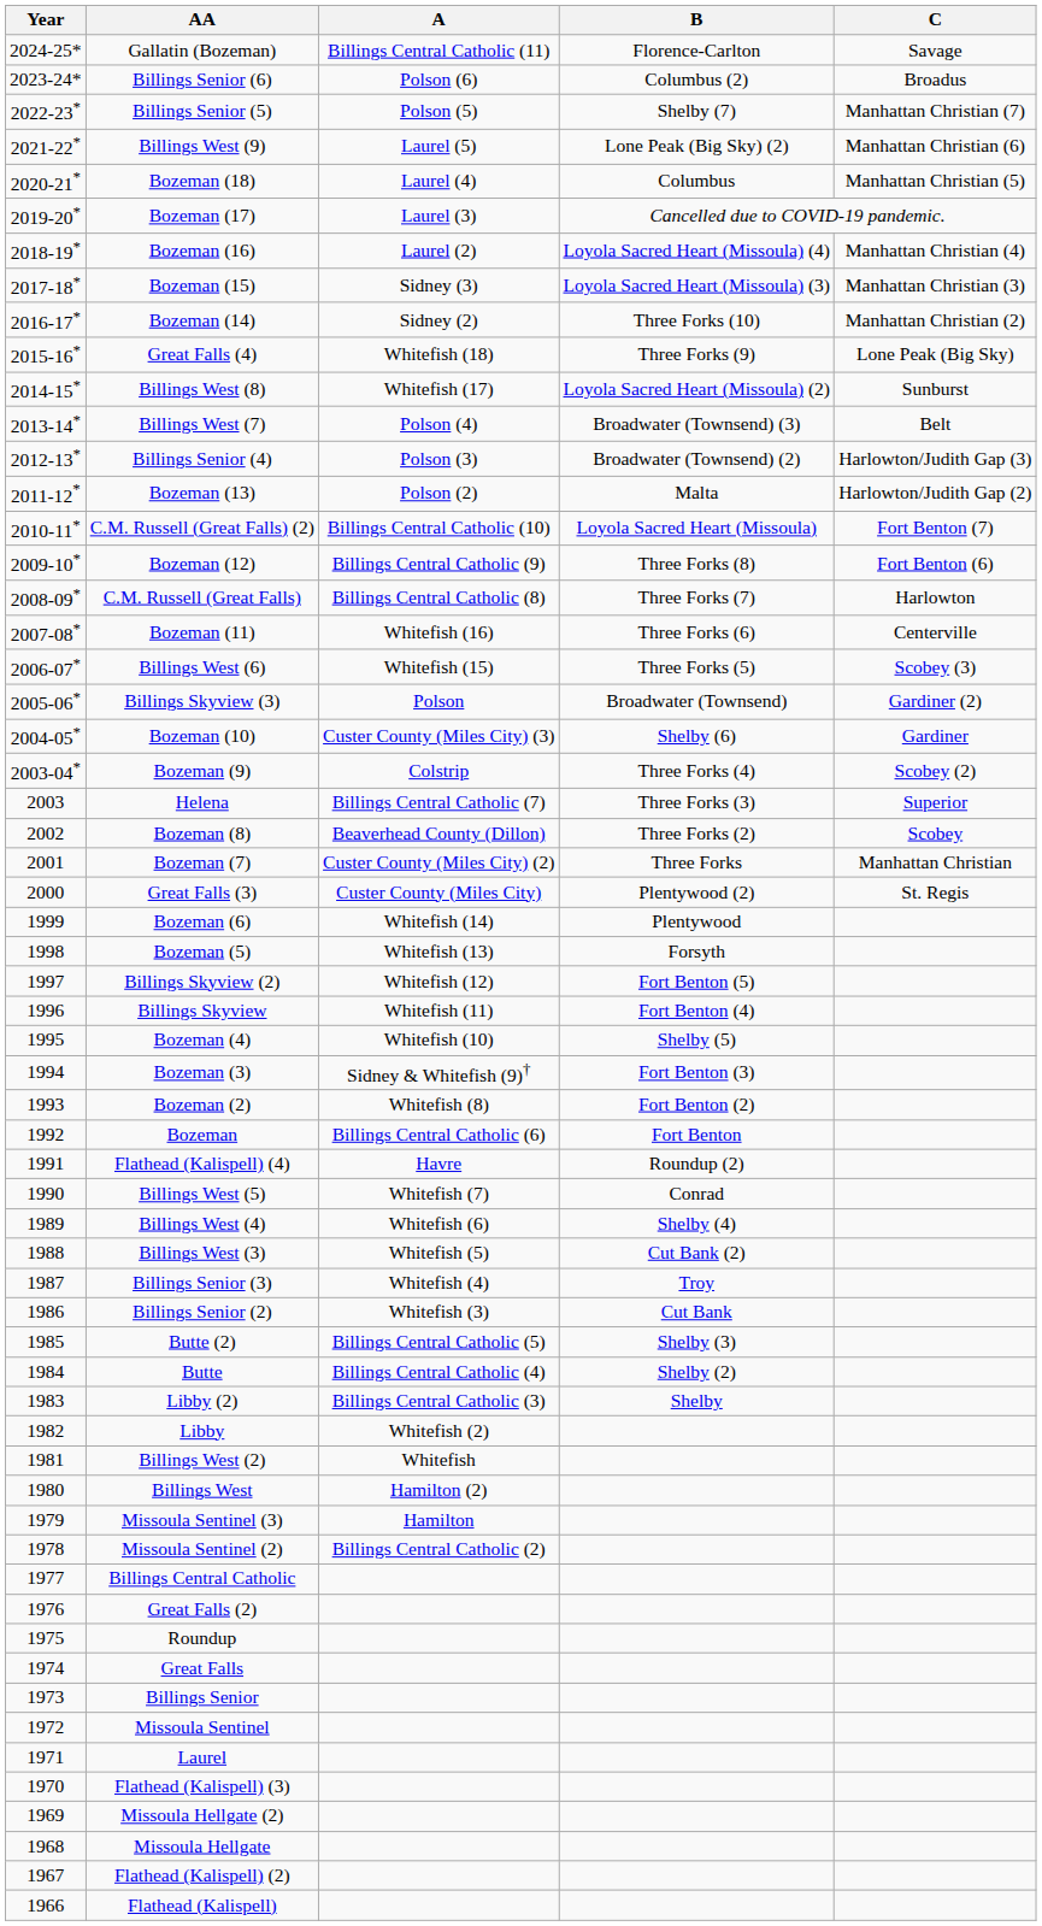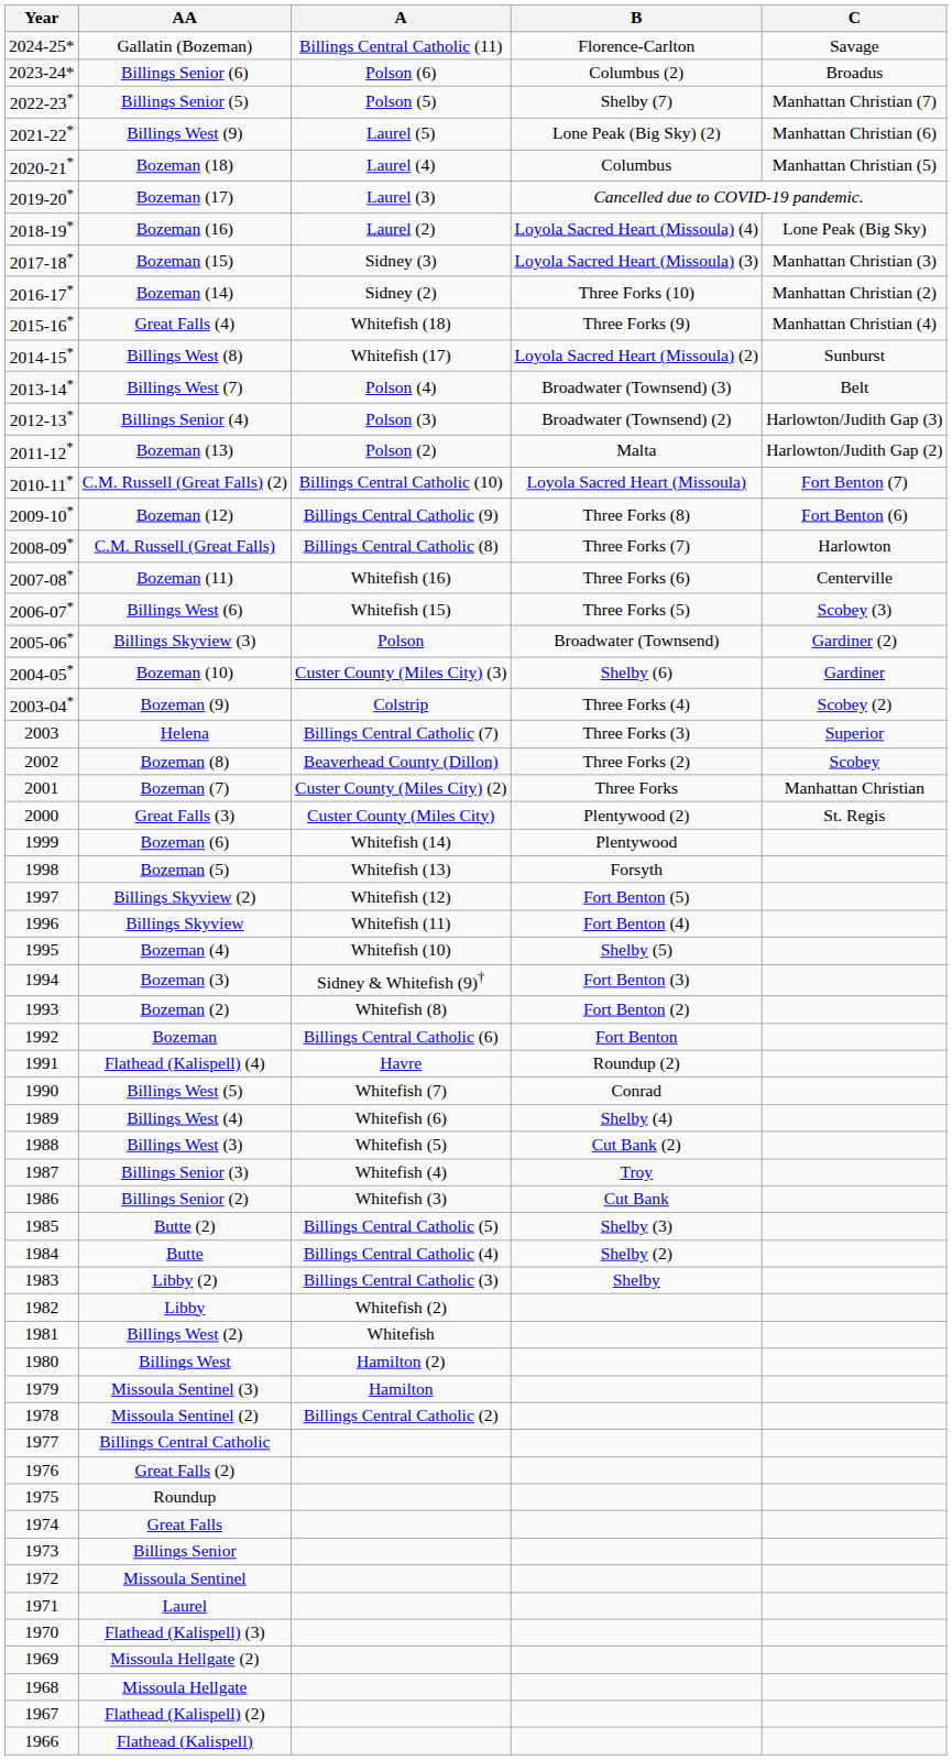 <table class="wikitable" style="text-align:center">
 <tr>
 <th>Year</th>
 <th>AA</th>
 <th>A</th>
 <th>B</th>
 <th>C</th>
 </tr>
 <tr>
 <td>2024-25*</td>
 <td>Gallatin (Bozeman)</td>
 <td><a href='#'>Billings Central Catholic</a> (11)</td>
 <td>Florence-Carlton</td>
 <td>Savage</td>
 </tr>
 <tr>
 <td>2023-24*</td>
 <td><a href='#'>Billings Senior</a> (6)</td>
 <td><a href='#'>Polson</a> (6)</td>
 <td>Columbus (2)</td>
 <td>Broadus</td>
 </tr>
 <tr>
 <td>2022-23<sup>*</sup></td>
 <td><a href='#'>Billings Senior</a> (5)</td>
 <td><a href='#'>Polson</a> (5)</td>
 <td>Shelby (7)</td>
 <td>Manhattan Christian (7)</td>
 </tr>
 <tr>
 <td>2021-22<sup>*</sup></td>
 <td><a href='#'>Billings West</a> (9)</td>
 <td><a href='#'>Laurel</a> (5)</td>
 <td>Lone Peak (Big Sky) (2)</td>
 <td>Manhattan Christian (6)</td>
 </tr>
 <tr>
 <td>2020-21<sup>*</sup></td>
 <td><a href='#'>Bozeman</a> (18)</td>
 <td><a href='#'>Laurel</a> (4)</td>
 <td>Columbus</td>
 <td>Manhattan Christian (5)</td>
 </tr>
 <tr>
 <td>2019-20<sup>*</sup></td>
 <td><a href='#'>Bozeman</a> (17)</td>
 <td><a href='#'>Laurel</a> (3)</td>
 <td colspan="2"><em>Cancelled due to COVID-19 pandemic.</em></td>
 </tr>
 <tr>
 <td>2018-19<sup>*</sup></td>
 <td><a href='#'>Bozeman</a> (16)</td>
 <td><a href='#'>Laurel</a> (2)</td>
 <td><a href='#'>Loyola Sacred Heart (Missoula)</a> (4)</td>
-<td>Manhattan Christian (4)</td>
+<td>Lone Peak (Big Sky)</td>
 </tr>
 <tr>
 <td>2017-18<sup>*</sup></td>
 <td><a href='#'>Bozeman</a> (15)</td>
 <td>Sidney (3)</td>
 <td><a href='#'>Loyola Sacred Heart (Missoula)</a> (3)</td>
 <td>Manhattan Christian (3)</td>
 </tr>
 <tr>
 <td>2016-17<sup>*</sup></td>
 <td><a href='#'>Bozeman</a> (14)</td>
 <td>Sidney (2)</td>
 <td>Three Forks (10)</td>
 <td>Manhattan Christian (2)</td>
 </tr>
 <tr>
 <td>2015-16<sup>*</sup></td>
 <td><a href='#'>Great Falls</a> (4)</td>
 <td>Whitefish (18)</td>
 <td>Three Forks (9)</td>
-<td>Lone Peak (Big Sky)</td>
+<td>Manhattan Christian (4)</td>
 </tr>
 <tr>
 <td>2014-15<sup>*</sup></td>
 <td><a href='#'>Billings West</a> (8)</td>
 <td>Whitefish (17)</td>
 <td><a href='#'>Loyola Sacred Heart (Missoula)</a> (2)</td>
 <td>Sunburst</td>
 </tr>
 <tr>
 <td>2013-14<sup>*</sup></td>
 <td><a href='#'>Billings West</a> (7)</td>
 <td><a href='#'>Polson</a> (4)</td>
 <td>Broadwater (Townsend) (3)</td>
 <td>Belt</td>
 </tr>
 <tr>
 <td>2012-13<sup>*</sup></td>
 <td><a href='#'>Billings Senior</a> (4)</td>
 <td><a href='#'>Polson</a> (3)</td>
 <td>Broadwater (Townsend) (2)</td>
 <td>Harlowton/Judith Gap (3)</td>
 </tr>
 <tr>
 <td>2011-12<sup>*</sup></td>
 <td><a href='#'>Bozeman</a> (13)</td>
 <td><a href='#'>Polson</a> (2)</td>
 <td>Malta</td>
 <td>Harlowton/Judith Gap (2)</td>
 </tr>
 <tr>
 <td>2010-11<sup>*</sup></td>
 <td><a href='#'>C.M. Russell (Great Falls)</a> (2)</td>
 <td><a href='#'>Billings Central Catholic</a> (10)</td>
 <td><a href='#'>Loyola Sacred Heart (Missoula)</a></td>
 <td><a href='#'>Fort Benton</a> (7)</td>
 </tr>
 <tr>
 <td>2009-10<sup>*</sup></td>
 <td><a href='#'>Bozeman</a> (12)</td>
 <td><a href='#'>Billings Central Catholic</a> (9)</td>
 <td>Three Forks (8)</td>
 <td><a href='#'>Fort Benton</a> (6)</td>
 </tr>
 <tr>
 <td>2008-09<sup>*</sup></td>
 <td><a href='#'>C.M. Russell (Great Falls)</a></td>
 <td><a href='#'>Billings Central Catholic</a> (8)</td>
 <td>Three Forks (7)</td>
 <td>Harlowton</td>
 </tr>
 <tr>
 <td>2007-08<sup>*</sup></td>
 <td><a href='#'>Bozeman</a> (11)</td>
 <td>Whitefish (16)</td>
 <td>Three Forks (6)</td>
 <td>Centerville</td>
 </tr>
 <tr>
 <td>2006-07<sup>*</sup></td>
 <td><a href='#'>Billings West</a> (6)</td>
 <td>Whitefish (15)</td>
 <td>Three Forks (5)</td>
 <td><a href='#'>Scobey</a> (3)</td>
 </tr>
 <tr>
 <td>2005-06<sup>*</sup></td>
 <td><a href='#'>Billings Skyview</a> (3)</td>
 <td><a href='#'>Polson</a></td>
 <td>Broadwater (Townsend)</td>
 <td><a href='#'>Gardiner</a> (2)</td>
 </tr>
 <tr>
 <td>2004-05<sup>*</sup></td>
 <td><a href='#'>Bozeman</a> (10)</td>
 <td><a href='#'>Custer County (Miles City)</a> (3)</td>
 <td><a href='#'>Shelby</a> (6)</td>
 <td><a href='#'>Gardiner</a></td>
 </tr>
 <tr>
 <td>2003-04<sup>*</sup></td>
 <td><a href='#'>Bozeman</a> (9)</td>
 <td><a href='#'>Colstrip</a></td>
 <td>Three Forks (4)</td>
 <td><a href='#'>Scobey</a> (2)</td>
 </tr>
 <tr>
 <td>2003</td>
 <td><a href='#'>Helena</a></td>
 <td><a href='#'>Billings Central Catholic</a> (7)</td>
 <td>Three Forks (3)</td>
 <td><a href='#'>Superior</a></td>
 </tr>
 <tr>
 <td>2002</td>
 <td><a href='#'>Bozeman</a> (8)</td>
 <td><a href='#'>Beaverhead County (Dillon)</a></td>
 <td>Three Forks (2)</td>
 <td><a href='#'>Scobey</a></td>
 </tr>
 <tr>
 <td>2001</td>
 <td><a href='#'>Bozeman</a> (7)</td>
 <td><a href='#'>Custer County (Miles City)</a> (2)</td>
 <td>Three Forks</td>
 <td>Manhattan Christian</td>
 </tr>
 <tr>
 <td>2000</td>
 <td><a href='#'>Great Falls</a> (3)</td>
 <td><a href='#'>Custer County (Miles City)</a></td>
 <td>Plentywood (2)</td>
 <td>St. Regis</td>
 </tr>
 <tr>
 <td>1999</td>
 <td><a href='#'>Bozeman</a> (6)</td>
 <td>Whitefish (14)</td>
 <td>Plentywood</td>
 <td></td>
 </tr>
 <tr>
 <td>1998</td>
 <td><a href='#'>Bozeman</a> (5)</td>
 <td>Whitefish (13)</td>
 <td>Forsyth</td>
 <td></td>
 </tr>
 <tr>
 <td>1997</td>
 <td><a href='#'>Billings Skyview</a> (2)</td>
 <td>Whitefish (12)</td>
 <td><a href='#'>Fort Benton</a> (5)</td>
 <td></td>
 </tr>
 <tr>
 <td>1996</td>
 <td><a href='#'>Billings Skyview</a></td>
 <td>Whitefish (11)</td>
 <td><a href='#'>Fort Benton</a> (4)</td>
 <td></td>
 </tr>
 <tr>
 <td>1995</td>
 <td><a href='#'>Bozeman</a> (4)</td>
 <td>Whitefish (10)</td>
 <td><a href='#'>Shelby</a> (5)</td>
 <td></td>
 </tr>
 <tr>
 <td>1994</td>
 <td><a href='#'>Bozeman</a> (3)</td>
 <td>Sidney & Whitefish (9)<sup>†</sup></td>
 <td><a href='#'>Fort Benton</a> (3)</td>
 <td></td>
 </tr>
 <tr>
 <td>1993</td>
 <td><a href='#'>Bozeman</a> (2)</td>
 <td>Whitefish (8)</td>
 <td><a href='#'>Fort Benton</a> (2)</td>
 <td></td>
 </tr>
 <tr>
 <td>1992</td>
 <td><a href='#'>Bozeman</a></td>
 <td><a href='#'>Billings Central Catholic</a> (6)</td>
 <td><a href='#'>Fort Benton</a></td>
 <td></td>
 </tr>
 <tr>
 <td>1991</td>
 <td><a href='#'>Flathead (Kalispell)</a> (4)</td>
 <td><a href='#'>Havre</a></td>
 <td>Roundup (2)</td>
 <td></td>
 </tr>
 <tr>
 <td>1990</td>
 <td><a href='#'>Billings West</a> (5)</td>
 <td>Whitefish (7)</td>
 <td>Conrad</td>
 <td></td>
 </tr>
 <tr>
 <td>1989</td>
 <td><a href='#'>Billings West</a> (4)</td>
 <td>Whitefish (6)</td>
 <td><a href='#'>Shelby</a> (4)</td>
 <td></td>
 </tr>
 <tr>
 <td>1988</td>
 <td><a href='#'>Billings West</a> (3)</td>
 <td>Whitefish (5)</td>
 <td><a href='#'>Cut Bank</a> (2)</td>
 <td></td>
 </tr>
 <tr>
 <td>1987</td>
 <td><a href='#'>Billings Senior</a> (3)</td>
 <td>Whitefish (4)</td>
 <td><a href='#'>Troy</a></td>
 <td></td>
 </tr>
 <tr>
 <td>1986</td>
 <td><a href='#'>Billings Senior</a> (2)</td>
 <td>Whitefish (3)</td>
 <td><a href='#'>Cut Bank</a></td>
 <td></td>
 </tr>
 <tr>
 <td>1985</td>
 <td><a href='#'>Butte</a> (2)</td>
 <td><a href='#'>Billings Central Catholic</a> (5)</td>
 <td><a href='#'>Shelby</a> (3)</td>
 <td></td>
 </tr>
 <tr>
 <td>1984</td>
 <td><a href='#'>Butte</a></td>
 <td><a href='#'>Billings Central Catholic</a> (4)</td>
 <td><a href='#'>Shelby</a> (2)</td>
 <td></td>
 </tr>
 <tr>
 <td>1983</td>
 <td><a href='#'>Libby</a> (2)</td>
 <td><a href='#'>Billings Central Catholic</a> (3)</td>
 <td><a href='#'>Shelby</a></td>
 <td></td>
 </tr>
 <tr>
 <td>1982</td>
 <td><a href='#'>Libby</a></td>
 <td>Whitefish (2)</td>
 <td></td>
 <td></td>
 </tr>
 <tr>
 <td>1981</td>
 <td><a href='#'>Billings West</a> (2)</td>
 <td>Whitefish</td>
 <td></td>
 <td></td>
 </tr>
 <tr>
 <td>1980</td>
 <td><a href='#'>Billings West</a></td>
 <td><a href='#'>Hamilton</a> (2)</td>
 <td></td>
 <td></td>
 </tr>
 <tr>
 <td>1979</td>
 <td><a href='#'>Missoula Sentinel</a> (3)</td>
 <td><a href='#'>Hamilton</a></td>
 <td></td>
 <td></td>
 </tr>
 <tr>
 <td>1978</td>
 <td><a href='#'>Missoula Sentinel</a> (2)</td>
 <td><a href='#'>Billings Central Catholic</a> (2)</td>
 <td></td>
 <td></td>
 </tr>
 <tr>
 <td>1977</td>
 <td><a href='#'>Billings Central Catholic</a></td>
 <td></td>
 <td></td>
 <td></td>
 </tr>
 <tr>
 <td>1976</td>
 <td><a href='#'>Great Falls</a> (2)</td>
 <td></td>
 <td></td>
 <td></td>
 </tr>
 <tr>
 <td>1975</td>
 <td>Roundup</td>
 <td></td>
 <td></td>
 <td></td>
 </tr>
 <tr>
 <td>1974</td>
 <td><a href='#'>Great Falls</a></td>
 <td></td>
 <td></td>
 <td></td>
 </tr>
 <tr>
 <td>1973</td>
 <td><a href='#'>Billings Senior</a></td>
 <td></td>
 <td></td>
 <td></td>
 </tr>
 <tr>
 <td>1972</td>
 <td><a href='#'>Missoula Sentinel</a></td>
 <td></td>
 <td></td>
 <td></td>
 </tr>
 <tr>
 <td>1971</td>
 <td><a href='#'>Laurel</a></td>
 <td></td>
 <td></td>
 <td></td>
 </tr>
 <tr>
 <td>1970</td>
 <td><a href='#'>Flathead (Kalispell)</a> (3)</td>
 <td></td>
 <td></td>
 <td></td>
 </tr>
 <tr>
 <td>1969</td>
 <td><a href='#'>Missoula Hellgate</a> (2)</td>
 <td></td>
 <td></td>
 <td></td>
 </tr>
 <tr>
 <td>1968</td>
 <td><a href='#'>Missoula Hellgate</a></td>
 <td></td>
 <td></td>
 <td></td>
 </tr>
 <tr>
 <td>1967</td>
 <td><a href='#'>Flathead (Kalispell)</a> (2)</td>
 <td></td>
 <td></td>
 <td></td>
 </tr>
 <tr>
 <td>1966</td>
 <td><a href='#'>Flathead (Kalispell)</a></td>
 <td></td>
 <td></td>
 <td></td>
 </tr>
 </table>
